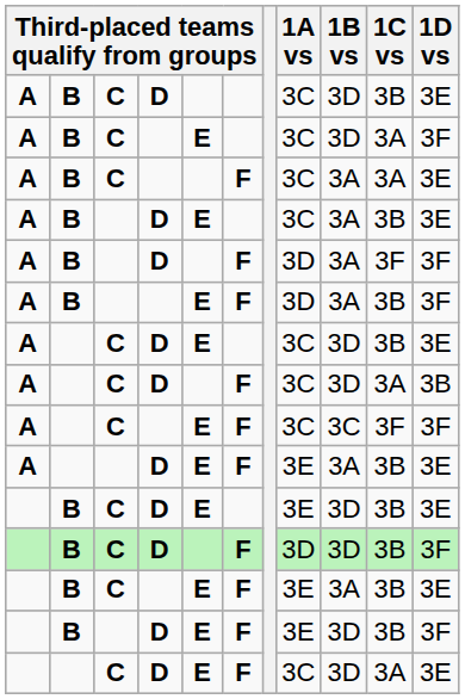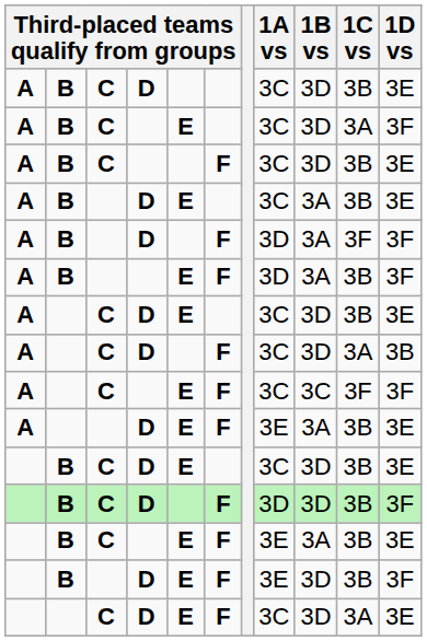 <table class="wikitable" style="text-align:center; font-size:85%">
 <tr>
 <th colspan="6">Third-placed teams<br>qualify from groups</th>
 <th rowspan="16"></th>
 <th>1A<br>vs</th>
 <th>1B<br>vs</th>
 <th>1C<br>vs</th>
 <th>1D<br>vs</th>
 </tr>
 <tr>
 <td><strong>A</strong></td>
 <td><strong>B</strong></td>
 <td><strong>C</strong></td>
 <td><strong>D</strong></td>
 <td></td>
 <td></td>
 <td>3C</td>
 <td>3D</td>
 <td>3B</td>
 <td>3E</td>
 </tr>
 <tr>
 <td><strong>A</strong></td>
 <td><strong>B</strong></td>
 <td><strong>C</strong></td>
 <td></td>
 <td><strong>E</strong></td>
 <td></td>
 <td>3C</td>
 <td>3D</td>
 <td>3A</td>
 <td>3F</td>
 </tr>
 <tr>
 <td><strong>A</strong></td>
 <td><strong>B</strong></td>
 <td><strong>C</strong></td>
 <td></td>
 <td></td>
 <td><strong>F</strong></td>
 <td>3C</td>
-<td>3A</td>
-<td>3A</td>
+<td>3D</td>
+<td>3B</td>
 <td>3E</td>
 </tr>
 <tr>
 <td><strong>A</strong></td>
 <td><strong>B</strong></td>
 <td></td>
 <td><strong>D</strong></td>
 <td><strong>E</strong></td>
 <td></td>
 <td>3C</td>
 <td>3A</td>
 <td>3B</td>
 <td>3E</td>
 </tr>
 <tr>
 <td><strong>A</strong></td>
 <td><strong>B</strong></td>
 <td></td>
 <td><strong>D</strong></td>
 <td></td>
 <td><strong>F</strong></td>
 <td>3D</td>
 <td>3A</td>
 <td>3F</td>
 <td>3F</td>
 </tr>
 <tr>
 <td><strong>A</strong></td>
 <td><strong>B</strong></td>
 <td></td>
 <td></td>
 <td><strong>E</strong></td>
 <td><strong>F</strong></td>
 <td>3D</td>
 <td>3A</td>
 <td>3B</td>
 <td>3F</td>
 </tr>
 <tr>
 <td><strong>A</strong></td>
 <td></td>
 <td><strong>C</strong></td>
 <td><strong>D</strong></td>
 <td><strong>E</strong></td>
 <td></td>
 <td>3C</td>
 <td>3D</td>
 <td>3B</td>
 <td>3E</td>
 </tr>
 <tr>
 <td><strong>A</strong></td>
 <td></td>
 <td><strong>C</strong></td>
 <td><strong>D</strong></td>
 <td></td>
 <td><strong>F</strong></td>
 <td>3C</td>
 <td>3D</td>
 <td>3A</td>
 <td>3B</td>
 </tr>
 <tr>
 <td><strong>A</strong></td>
 <td></td>
 <td><strong>C</strong></td>
 <td></td>
 <td><strong>E</strong></td>
 <td><strong>F</strong></td>
 <td>3C</td>
 <td>3C</td>
 <td>3F</td>
 <td>3F</td>
 </tr>
 <tr>
 <td><strong>A</strong></td>
 <td></td>
 <td></td>
 <td><strong>D</strong></td>
 <td><strong>E</strong></td>
 <td><strong>F</strong></td>
 <td>3E</td>
 <td>3A</td>
 <td>3B</td>
 <td>3E</td>
 </tr>
 <tr>
 <td></td>
 <td><strong>B</strong></td>
 <td><strong>C</strong></td>
 <td><strong>D</strong></td>
 <td><strong>E</strong></td>
 <td></td>
-<td>3E</td>
+<td>3C</td>
 <td>3D</td>
 <td>3B</td>
 <td>3E</td>
 </tr>
 <tr bgcolor=#BBF3BB>
 <td></td>
 <td><strong>B</strong></td>
 <td><strong>C</strong></td>
 <td><strong>D</strong></td>
 <td></td>
 <td><strong>F</strong></td>
 <td>3D</td>
 <td>3D</td>
 <td>3B</td>
 <td>3F</td>
 </tr>
 <tr>
 <td></td>
 <td><strong>B</strong></td>
 <td><strong>C</strong></td>
 <td></td>
 <td><strong>E</strong></td>
 <td><strong>F</strong></td>
 <td>3E</td>
 <td>3A</td>
 <td>3B</td>
 <td>3E</td>
 </tr>
 <tr>
 <td></td>
 <td><strong>B</strong></td>
 <td></td>
 <td><strong>D</strong></td>
 <td><strong>E</strong></td>
 <td><strong>F</strong></td>
 <td>3E</td>
 <td>3D</td>
 <td>3B</td>
 <td>3F</td>
 </tr>
 <tr>
 <td></td>
 <td></td>
 <td><strong>C</strong></td>
 <td><strong>D</strong></td>
 <td><strong>E</strong></td>
 <td><strong>F</strong></td>
 <td>3C</td>
 <td>3D</td>
 <td>3A</td>
 <td>3E</td>
 </tr>
 </table>
